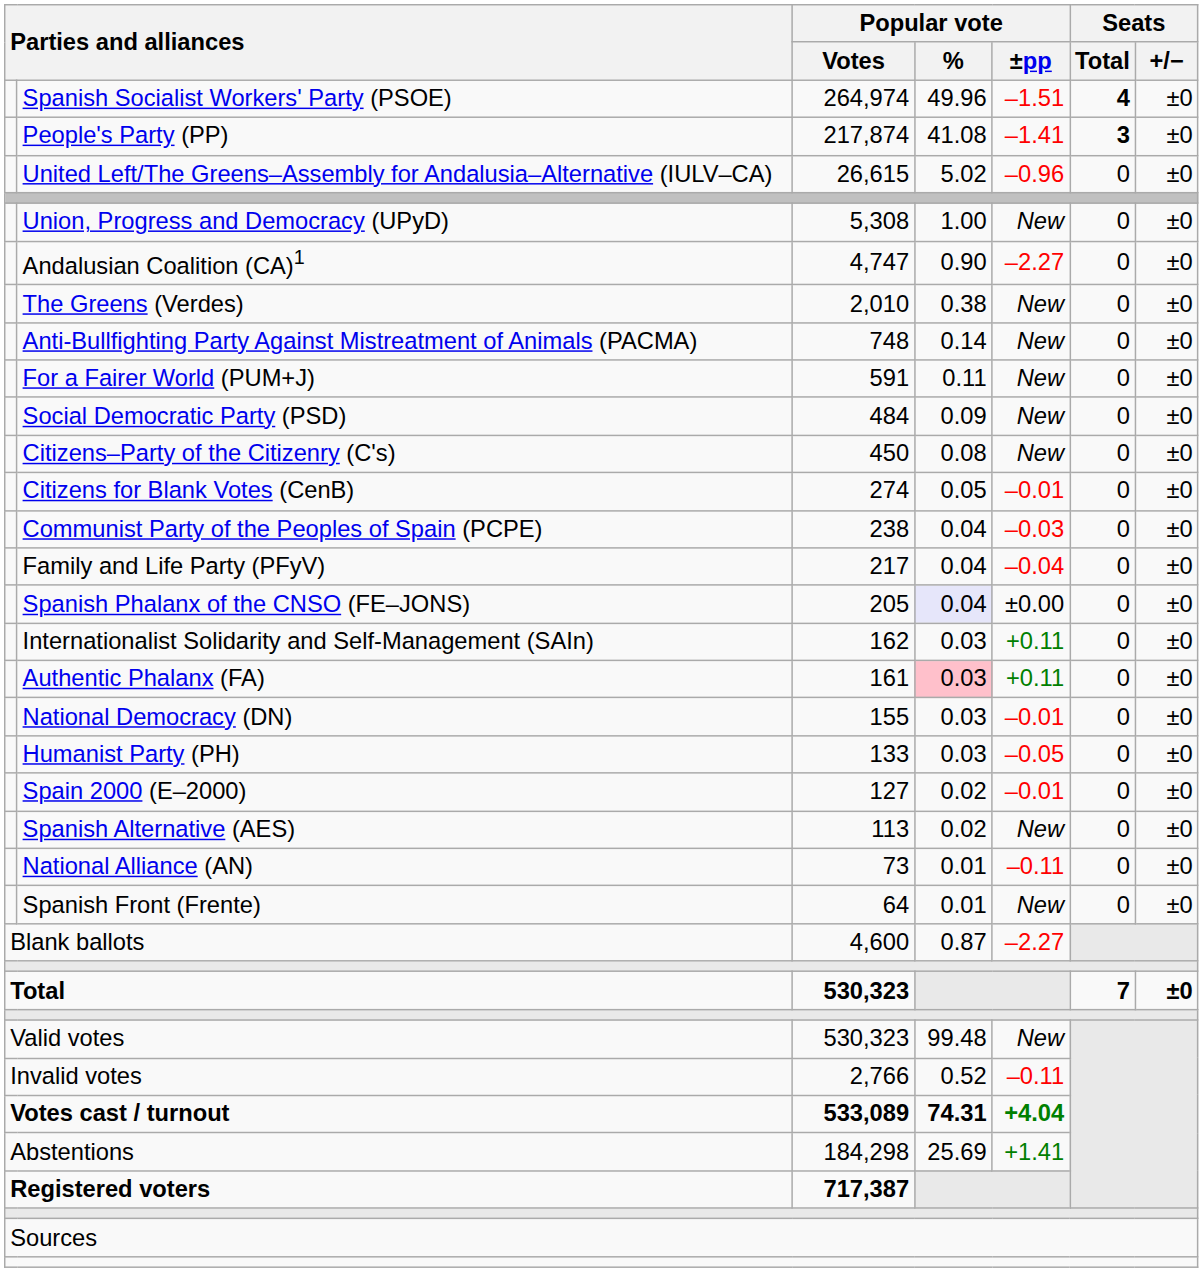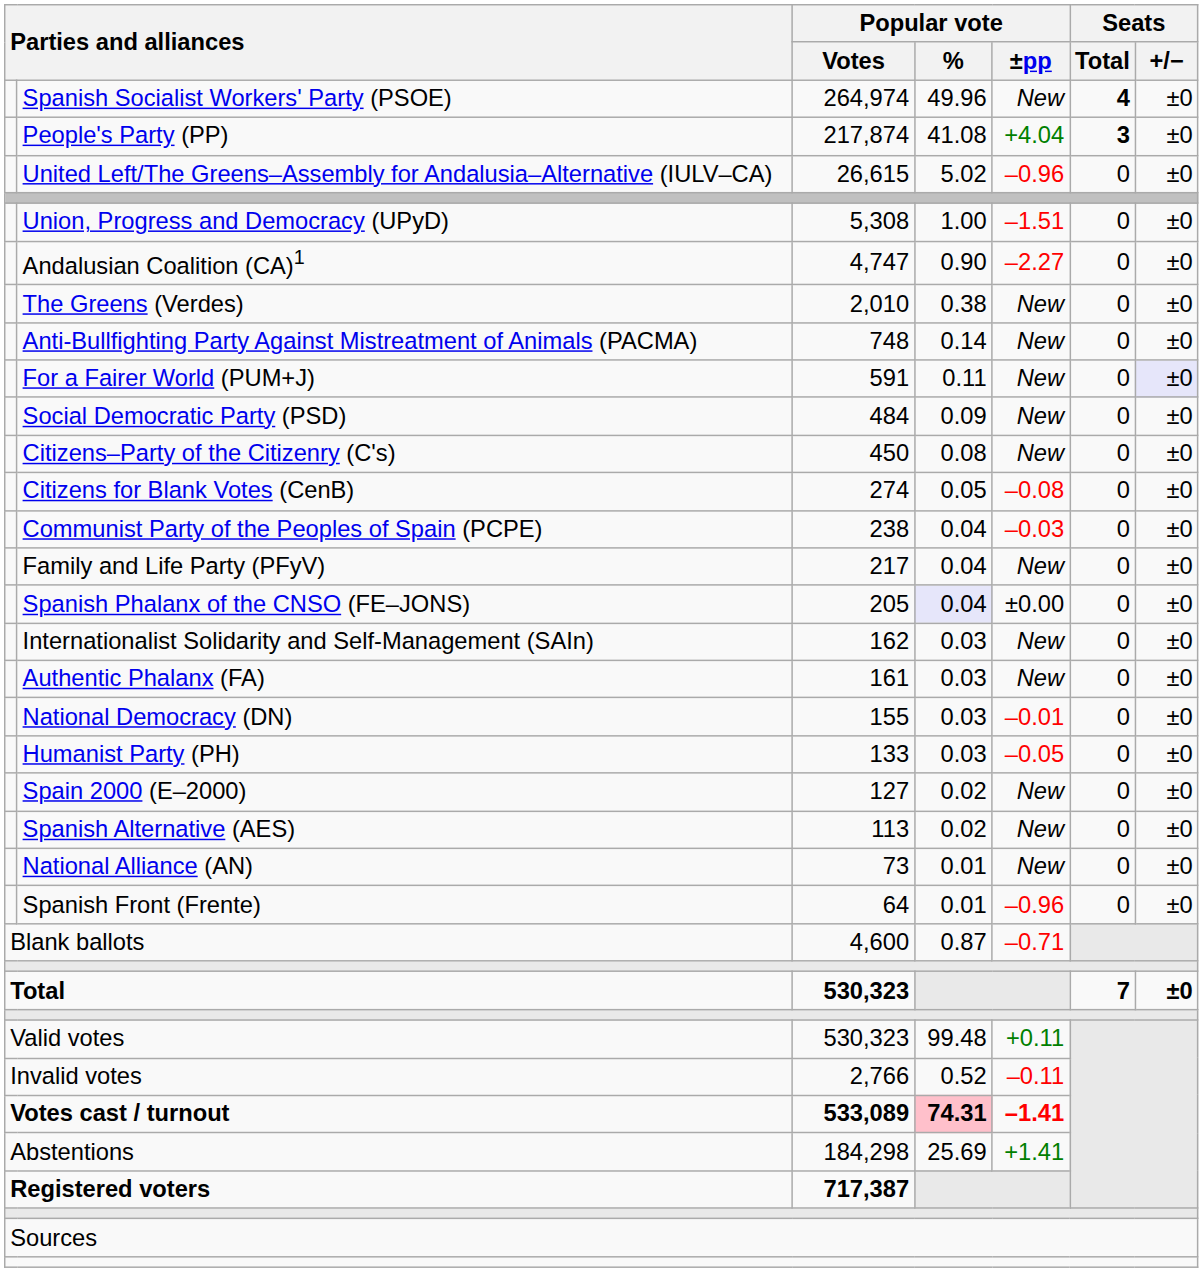 <table class="wikitable" style="text-align:right;">
 <tr>
 <th style="text-align:left;" rowspan="2" colspan="2" width="525">Parties and alliances</th>
 <th colspan="3">Popular vote</th>
 <th colspan="2">Seats</th>
 </tr>
 <tr>
 <th width="75">Votes</th>
 <th width="45">%</th>
 <th width="45">±<a href='#'>pp</a></th>
 <th width="35">Total</th>
 <th width="35">+/−</th>
 </tr>
 <tr>
 <td width="1" style="color:inherit;background:"></td>
 <td align="left"><a href='#'>Spanish Socialist Workers' Party</a> (PSOE)</td>
 <td>264,974</td>
 <td>49.96</td>
-<td style="color:red;">–1.51</td>
+<td><em>New</em></td>
 <td><strong>4</strong></td>
 <td>±0</td>
 </tr>
 <tr>
 <td style="color:inherit;background:"></td>
 <td align="left"><a href='#'>People's Party</a> (PP)</td>
 <td>217,874</td>
 <td>41.08</td>
-<td style="color:red;">–1.41</td>
+<td style="color:green;">+4.04</td>
 <td><strong>3</strong></td>
 <td>±0</td>
 </tr>
 <tr>
 <td style="color:inherit;background:"></td>
 <td align="left"><a href='#'>United Left/The Greens–Assembly for Andalusia–Alternative</a> (IULV–CA)</td>
 <td>26,615</td>
 <td>5.02</td>
 <td style="color:red;">–0.96</td>
 <td>0</td>
 <td>±0</td>
 </tr>
 <tr>
 <td colspan="7" bgcolor="#C0C0C0"></td>
 </tr>
 <tr>
 <td style="color:inherit;background:"></td>
 <td align="left"><a href='#'>Union, Progress and Democracy</a> (UPyD)</td>
 <td>5,308</td>
 <td>1.00</td>
-<td><em>New</em></td>
+<td style="color:red;">–1.51</td>
 <td>0</td>
 <td>±0</td>
 </tr>
 <tr>
 <td style="color:inherit;background:"></td>
 <td align="left">Andalusian Coalition (CA)<sup>1</sup></td>
 <td>4,747</td>
 <td>0.90</td>
 <td style="color:red;">–2.27</td>
 <td>0</td>
 <td>±0</td>
 </tr>
 <tr>
 <td style="color:inherit;background:"></td>
 <td align="left"><a href='#'>The Greens</a> (Verdes)</td>
 <td>2,010</td>
 <td>0.38</td>
 <td><em>New</em></td>
 <td>0</td>
 <td>±0</td>
 </tr>
 <tr>
 <td style="color:inherit;background:"></td>
 <td align="left"><a href='#'>Anti-Bullfighting Party Against Mistreatment of Animals</a> (PACMA)</td>
 <td>748</td>
 <td>0.14</td>
 <td><em>New</em></td>
 <td>0</td>
 <td>±0</td>
 </tr>
 <tr>
 <td style="color:inherit;background:"></td>
 <td align="left"><a href='#'>For a Fairer World</a> (PUM+J)</td>
 <td>591</td>
 <td>0.11</td>
 <td><em>New</em></td>
 <td>0</td>
-<td>±0</td>
+<td style="background: lavender;">±0</td>
 </tr>
 <tr>
 <td style="color:inherit;background:"></td>
 <td align="left"><a href='#'>Social Democratic Party</a> (PSD)</td>
 <td>484</td>
 <td>0.09</td>
 <td><em>New</em></td>
 <td>0</td>
 <td>±0</td>
 </tr>
 <tr>
 <td style="color:inherit;background:"></td>
 <td align="left"><a href='#'>Citizens–Party of the Citizenry</a> (C's)</td>
 <td>450</td>
 <td>0.08</td>
 <td><em>New</em></td>
 <td>0</td>
 <td>±0</td>
 </tr>
 <tr>
 <td style="color:inherit;background:"></td>
 <td align="left"><a href='#'>Citizens for Blank Votes</a> (CenB)</td>
 <td>274</td>
 <td>0.05</td>
-<td style="color:red;">–0.01</td>
+<td style="color:red;">–0.08</td>
 <td>0</td>
 <td>±0</td>
 </tr>
 <tr>
 <td style="color:inherit;background:"></td>
 <td align="left"><a href='#'>Communist Party of the Peoples of Spain</a> (PCPE)</td>
 <td>238</td>
 <td>0.04</td>
 <td style="color:red;">–0.03</td>
 <td>0</td>
 <td>±0</td>
 </tr>
 <tr>
 <td style="color:inherit;background:"></td>
 <td align="left">Family and Life Party (PFyV)</td>
 <td>217</td>
 <td>0.04</td>
-<td style="color:red;">–0.04</td>
+<td><em>New</em></td>
 <td>0</td>
 <td>±0</td>
 </tr>
 <tr>
 <td style="color:inherit;background:"></td>
 <td align="left"><a href='#'>Spanish Phalanx of the CNSO</a> (FE–JONS)</td>
 <td>205</td>
 <td style="background: lavender;">0.04</td>
 <td>±0.00</td>
 <td>0</td>
 <td>±0</td>
 </tr>
 <tr>
 <td style="color:inherit;background:"></td>
 <td align="left">Internationalist Solidarity and Self-Management (SAIn)</td>
 <td>162</td>
 <td>0.03</td>
-<td style="color:green;">+0.11</td>
+<td><em>New</em></td>
 <td>0</td>
 <td>±0</td>
 </tr>
 <tr>
 <td style="color:inherit;background:"></td>
 <td align="left"><a href='#'>Authentic Phalanx</a> (FA)</td>
 <td>161</td>
-<td style="background: pink;">0.03</td>
-<td style="color:green;">+0.11</td>
+<td>0.03</td>
+<td><em>New</em></td>
 <td>0</td>
 <td>±0</td>
 </tr>
 <tr>
 <td style="color:inherit;background:"></td>
 <td align="left"><a href='#'>National Democracy</a> (DN)</td>
 <td>155</td>
 <td>0.03</td>
 <td style="color:red;">–0.01</td>
 <td>0</td>
 <td>±0</td>
 </tr>
 <tr>
 <td style="color:inherit;background:"></td>
 <td align="left"><a href='#'>Humanist Party</a> (PH)</td>
 <td>133</td>
 <td>0.03</td>
 <td style="color:red;">–0.05</td>
 <td>0</td>
 <td>±0</td>
 </tr>
 <tr>
 <td style="color:inherit;background:"></td>
 <td align="left"><a href='#'>Spain 2000</a> (E–2000)</td>
 <td>127</td>
 <td>0.02</td>
-<td style="color:red;">–0.01</td>
+<td><em>New</em></td>
 <td>0</td>
 <td>±0</td>
 </tr>
 <tr>
 <td style="color:inherit;background:"></td>
 <td align="left"><a href='#'>Spanish Alternative</a> (AES)</td>
 <td>113</td>
 <td>0.02</td>
 <td><em>New</em></td>
 <td>0</td>
 <td>±0</td>
 </tr>
 <tr>
 <td style="color:inherit;background:"></td>
 <td align="left"><a href='#'>National Alliance</a> (AN)</td>
 <td>73</td>
 <td>0.01</td>
-<td style="color:red;">–0.11</td>
+<td><em>New</em></td>
 <td>0</td>
 <td>±0</td>
 </tr>
 <tr>
 <td style="color:inherit;background:"></td>
 <td align="left">Spanish Front (Frente)</td>
 <td>64</td>
 <td>0.01</td>
-<td><em>New</em></td>
+<td style="color:red;">–0.96</td>
 <td>0</td>
 <td>±0</td>
 </tr>
 <tr>
 <td align="left" colspan="2">Blank ballots</td>
 <td>4,600</td>
 <td>0.87</td>
-<td style="color:red;">–2.27</td>
+<td style="color:red;">–0.71</td>
 <td bgcolor="#E9E9E9" colspan="2"></td>
 </tr>
 <tr>
 <td colspan="7" bgcolor="#E9E9E9"></td>
 </tr>
 <tr style="font-weight:bold;">
 <td align="left" colspan="2">Total</td>
 <td>530,323</td>
 <td bgcolor="#E9E9E9" colspan="2"></td>
 <td>7</td>
 <td>±0</td>
 </tr>
 <tr>
 <td colspan="7" bgcolor="#E9E9E9"></td>
 </tr>
 <tr>
 <td align="left" colspan="2">Valid votes</td>
 <td>530,323</td>
 <td>99.48</td>
-<td><em>New</em></td>
+<td style="color:green;">+0.11</td>
 <td bgcolor="#E9E9E9" colspan="2" rowspan="5"></td>
 </tr>
 <tr>
 <td align="left" colspan="2">Invalid votes</td>
 <td>2,766</td>
 <td>0.52</td>
 <td style="color:red;">–0.11</td>
 </tr>
 <tr style="font-weight:bold;">
 <td align="left" colspan="2">Votes cast / turnout</td>
 <td>533,089</td>
-<td>74.31</td>
-<td style="color:green;">+4.04</td>
+<td style="background: pink;">74.31</td>
+<td style="color:red;">–1.41</td>
 </tr>
 <tr>
 <td align="left" colspan="2">Abstentions</td>
 <td>184,298</td>
 <td>25.69</td>
 <td style="color:green;">+1.41</td>
 </tr>
 <tr style="font-weight:bold;">
 <td align="left" colspan="2">Registered voters</td>
 <td>717,387</td>
 <td bgcolor="#E9E9E9" colspan="2"></td>
 </tr>
 <tr>
 <td colspan="7" bgcolor="#E9E9E9"></td>
 </tr>
 <tr>
 <td align="left" colspan="7">Sources</td>
 </tr>
 <tr>
 <td colspan="7" style="text-align:left; max-width:790px;"></td>
 </tr>
 </table>
